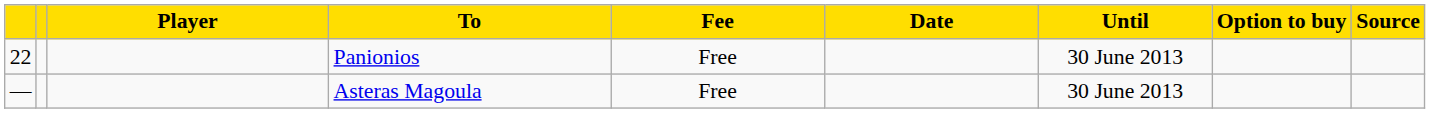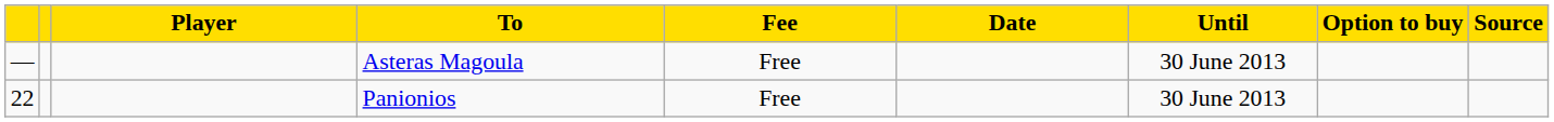 <table class="wikitable sortable">
 <tr>
 <th style="background:#FFDE00"></th>
 <th style="background:#FFDE00"></th>
 <th width=200 style="background:#FFDE00">Player</th>
 <th width=200 style="background:#FFDE00">To</th>
 <th width=150 style="background:#FFDE00">Fee</th>
 <th width=150 style="background:#FFDE00">Date</th>
 <th width=120 style="background:#FFDE00">Until</th>
 <th style="background:#FFDE00">Option to buy</th>
 <th style="background:#FFDE00">Source</th>
 </tr>
 <tr>
+<td align=center>—</td>
+<td align=center></td>
+<td></td>
+<td> <a href='#'>Asteras Magoula</a></td>
+<td align=center>Free</td>
+<td align=center></td>
+<td align=center>30 June 2013</td>
+<td align=center></td>
+<td align=center></td>
+</tr>
+<tr>
 <td align=center>22</td>
 <td align=center></td>
 <td></td>
 <td> <a href='#'>Panionios</a></td>
 <td align=center>Free</td>
 <td align=center></td>
 <td align=center>30 June 2013</td>
 <td align=center></td>
 <td align=center></td>
 </tr>
-<tr>
-<td align=center>—</td>
-<td align=center></td>
-<td></td>
-<td> <a href='#'>Asteras Magoula</a></td>
-<td align=center>Free</td>
-<td align=center></td>
-<td align=center>30 June 2013</td>
-<td align=center></td>
-<td align=center></td>
-</tr>
 </table>
